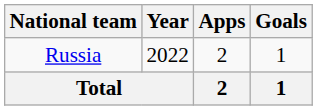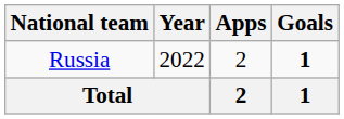 <table class="wikitable" style="text-align:center">
 <tr>
 <th>National team</th>
 <th>Year</th>
 <th>Apps</th>
 <th>Goals</th>
 </tr>
 <tr>
 <td><a href='#'>Russia</a></td>
 <td>2022</td>
 <td>2</td>
-<td>1</td>
+<td><strong>1</strong></td>
 </tr>
 <tr>
 <th colspan="2">Total</th>
 <th>2</th>
 <th>1</th>
 </tr>
 </table>
